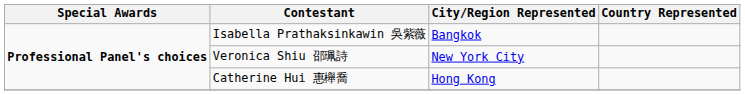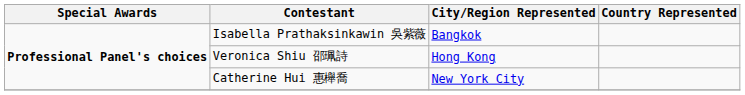 <table class="wikitable sortable" style="font-size:95%;">
 <tr>
 <th>Special Awards</th>
 <th>Contestant</th>
 <th>City/Region Represented</th>
 <th>Country Represented</th>
 </tr>
 <tr>
 <td rowspan="3"><strong>Professional Panel's choices</strong></td>
 <td>Isabella Prathaksinkawin 吳紫薇</td>
 <td><a href='#'>Bangkok</a></td>
 <td></td>
 </tr>
 <tr>
 <td>Veronica Shiu 邵珮詩</td>
-<td><a href='#'>New York City</a></td>
+<td><a href='#'>Hong Kong</a></td>
 <td></td>
 </tr>
 <tr>
 <td>Catherine Hui 惠櫸喬</td>
-<td><a href='#'>Hong Kong</a></td>
+<td><a href='#'>New York City</a></td>
 <td></td>
 </tr>
 <tr>
 </tr>
 </table>
